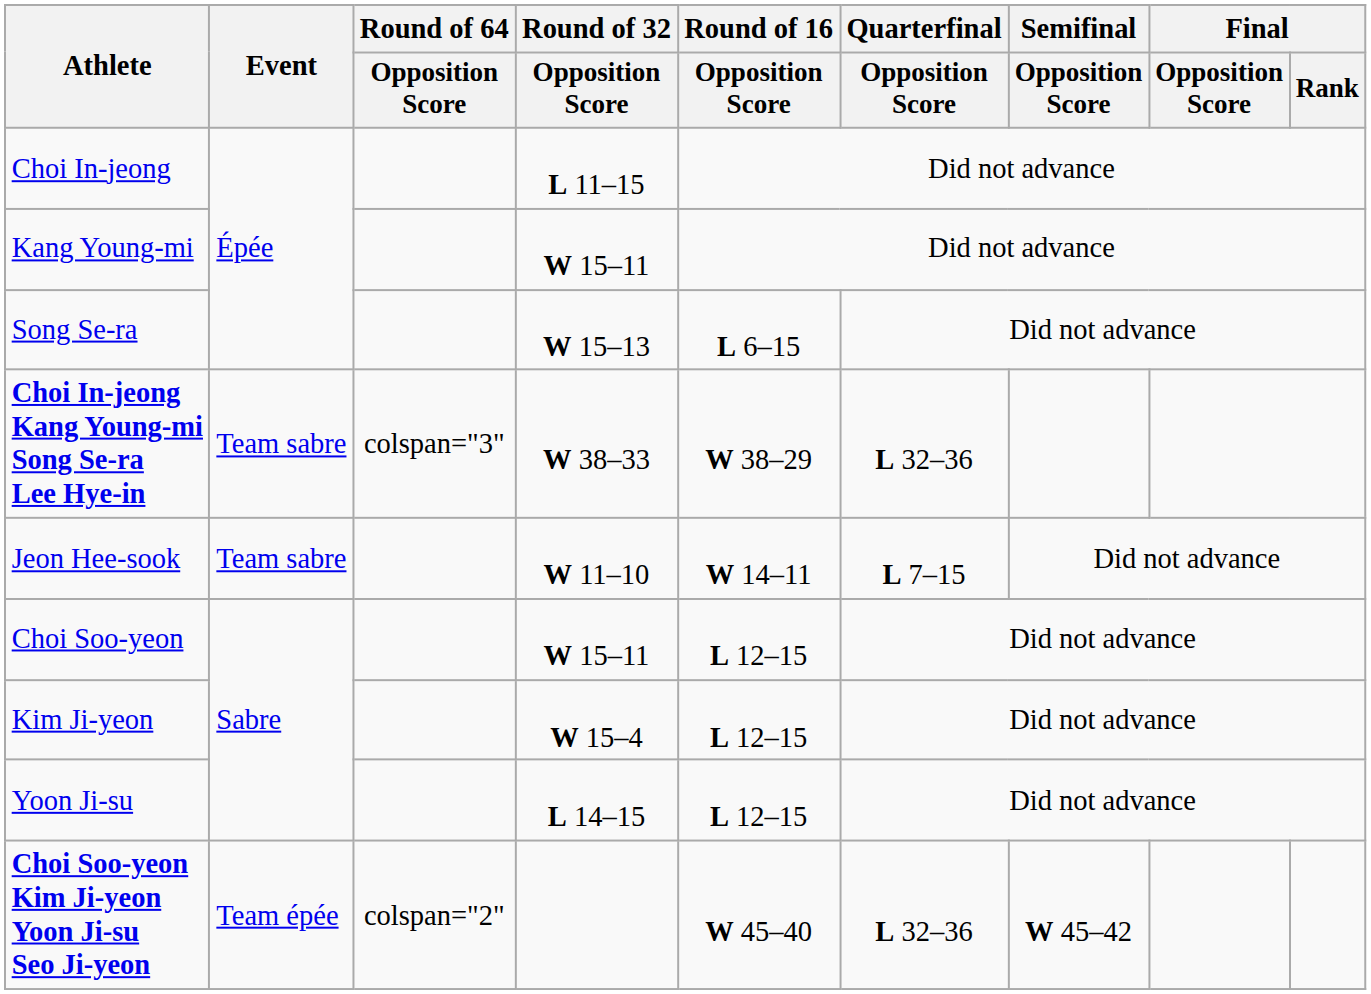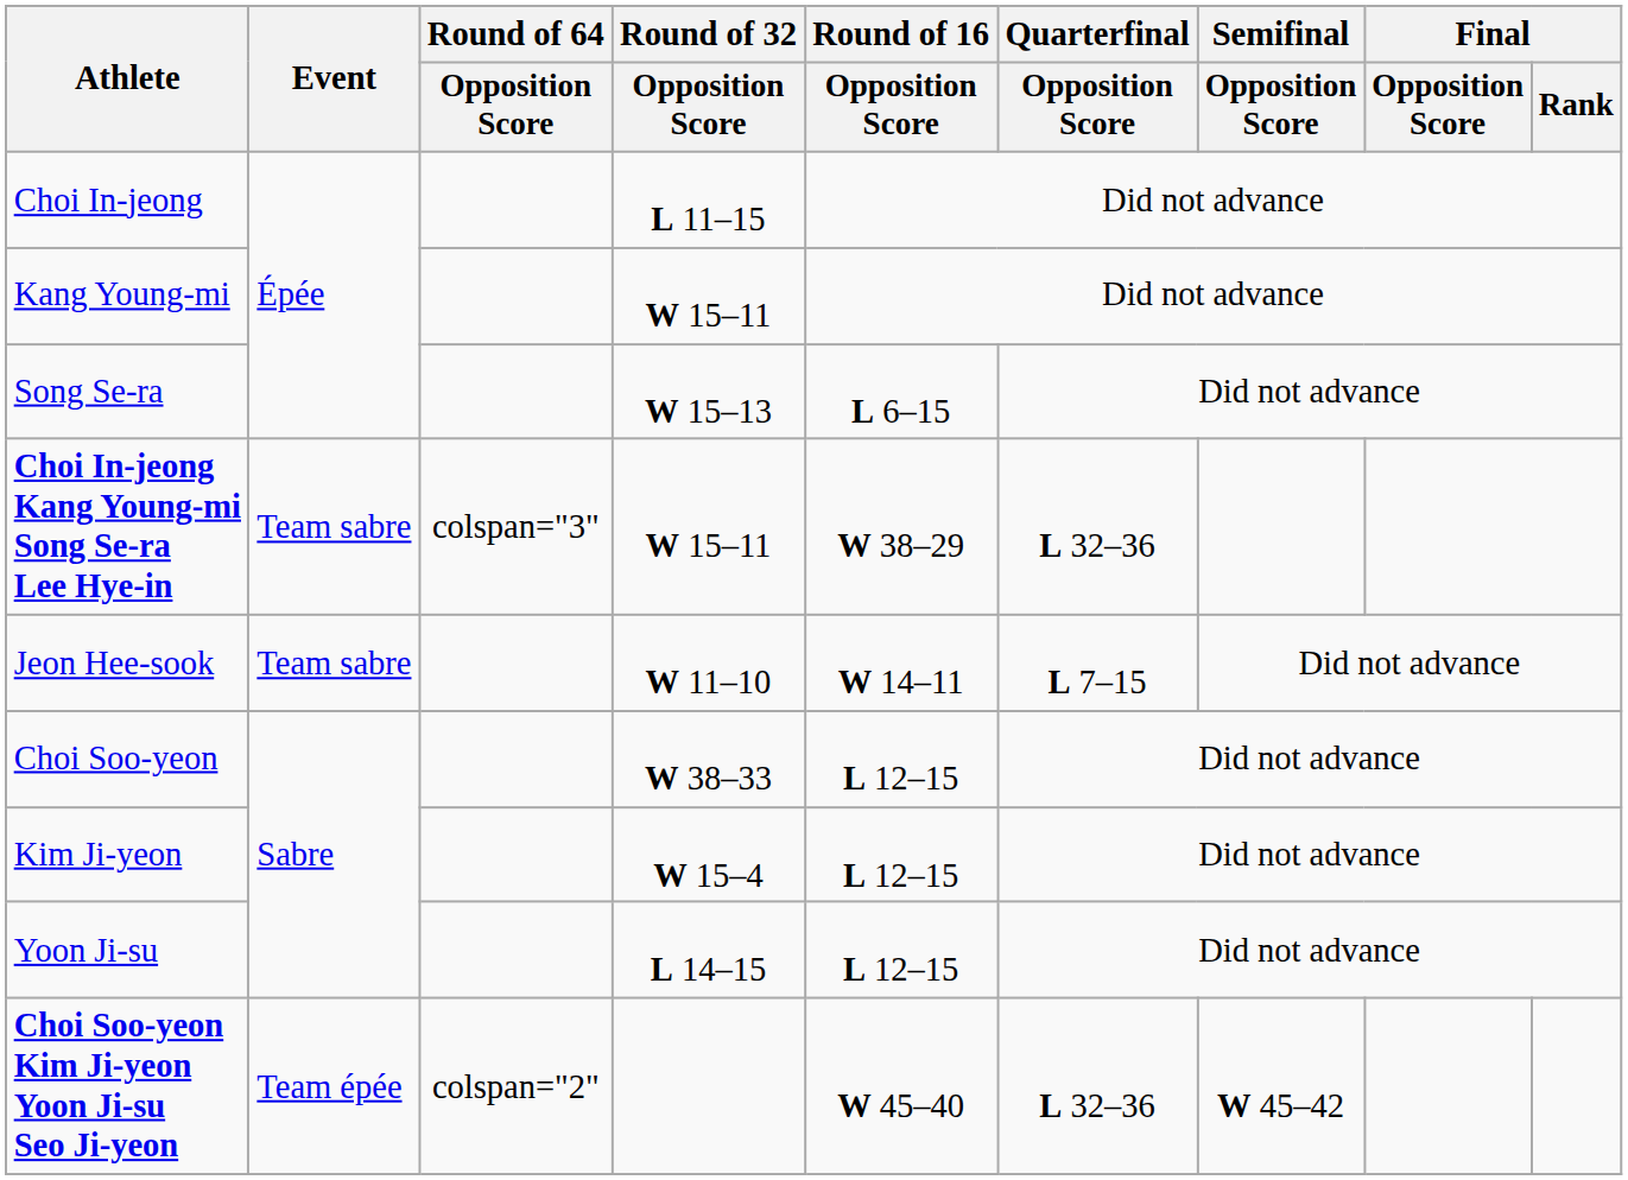 <table class="wikitable" style="font-size:90%; text-align:center">
 <tr>
 <th rowspan="2">Athlete</th>
 <th rowspan="2">Event</th>
 <th>Round of 64</th>
 <th>Round of 32</th>
 <th>Round of 16</th>
 <th>Quarterfinal</th>
 <th>Semifinal</th>
 <th colspan="2">Final</th>
 </tr>
 <tr style="font-size:95%">
 <th>Opposition<br>Score</th>
 <th>Opposition<br>Score</th>
 <th>Opposition<br>Score</th>
 <th>Opposition<br>Score</th>
 <th>Opposition<br>Score</th>
 <th>Opposition<br>Score</th>
 <th>Rank</th>
 </tr>
 <tr>
 <td style="text-align:left"><a href='#'>Choi In-jeong</a></td>
 <td rowspan="3" style="text-align:left"><a href='#'>Épée</a></td>
 <td></td>
 <td><br><strong>L</strong> 11–15</td>
 <td colspan="5">Did not advance</td>
 </tr>
 <tr>
 <td style="text-align:left"><a href='#'>Kang Young-mi</a></td>
 <td></td>
 <td><br><strong>W</strong> 15–11</td>
 <td colspan="5">Did not advance</td>
 </tr>
 <tr>
 <td style="text-align:left"><a href='#'>Song Se-ra</a></td>
 <td></td>
 <td><br><strong>W</strong> 15–13</td>
 <td><br><strong>L</strong> 6–15</td>
 <td colspan="4">Did not advance</td>
 </tr>
 <tr>
 <td style="text-align:left"><strong><a href='#'>Choi In-jeong</a><br><a href='#'>Kang Young-mi</a><br><a href='#'>Song Se-ra</a><br><a href='#'>Lee Hye-in</a></strong></td>
 <td style="text-align:left"><a href='#'>Team sabre</a></td>
 <td>colspan="3" </td>
-<td><br><strong>W</strong> 38–33</td>
+<td><br><strong>W</strong> 15–11</td>
 <td><br><strong>W</strong> 38–29</td>
 <td><br><strong>L</strong> 32–36</td>
 <td></td>
 </tr>
 <tr>
 <td style="text-align:left"><a href='#'>Jeon Hee-sook</a></td>
 <td style="text-align:left"><a href='#'>Team sabre</a></td>
 <td></td>
 <td><br><strong>W</strong> 11–10</td>
 <td><br><strong>W</strong> 14–11</td>
 <td><br><strong>L</strong> 7–15</td>
 <td colspan="3">Did not advance</td>
 </tr>
 <tr>
 <td style="text-align:left"><a href='#'>Choi Soo-yeon</a></td>
 <td rowspan="3" style="text-align:left"><a href='#'>Sabre</a></td>
 <td></td>
-<td><br><strong>W</strong> 15–11</td>
+<td><br><strong>W</strong> 38–33</td>
 <td><br><strong>L</strong> 12–15</td>
 <td colspan="4">Did not advance</td>
 </tr>
 <tr>
 <td style="text-align:left"><a href='#'>Kim Ji-yeon</a></td>
 <td></td>
 <td><br><strong>W</strong> 15–4</td>
 <td><br><strong>L</strong> 12–15</td>
 <td colspan="4">Did not advance</td>
 </tr>
 <tr>
 <td style="text-align:left"><a href='#'>Yoon Ji-su</a></td>
 <td></td>
 <td><br><strong>L</strong> 14–15</td>
 <td><br><strong>L</strong> 12–15</td>
 <td colspan="4">Did not advance</td>
 </tr>
 <tr>
 <td style="text-align:left"><strong><a href='#'>Choi Soo-yeon</a><br><a href='#'>Kim Ji-yeon</a><br><a href='#'>Yoon Ji-su</a><br><a href='#'>Seo Ji-yeon</a></strong></td>
 <td style="text-align:left"><a href='#'>Team épée</a></td>
 <td>colspan="2" </td>
 <td></td>
 <td><br><strong>W</strong> 45–40</td>
 <td><br><strong>L</strong> 32–36</td>
 <td><br><strong>W</strong> 45–42</td>
 <td></td>
 </tr>
 </table>
